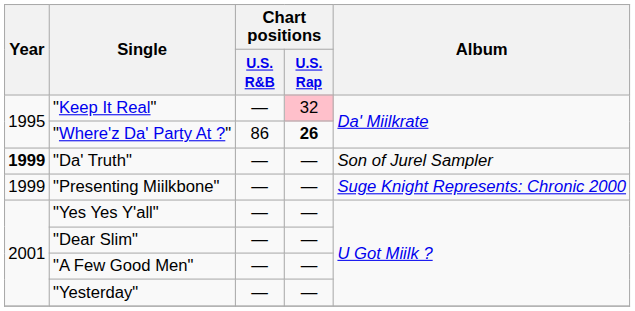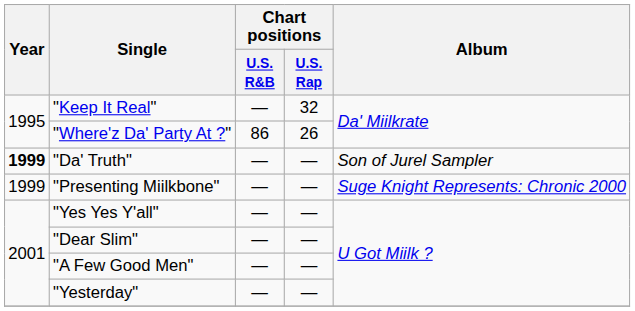 <table class="wikitable">
 <tr>
 <th rowspan="2">Year</th>
 <th rowspan="2">Single</th>
 <th colspan="2">Chart positions</th>
 <th rowspan="2">Album</th>
 </tr>
 <tr>
 <th width="40"><small><a href='#'>U.S. R&B</a></small></th>
 <th width="40"><small><a href='#'>U.S. Rap</a></small></th>
 </tr>
 <tr>
 <td align="center" rowspan="2">1995</td>
 <td>"<a href='#'>Keep It Real</a>"</td>
 <td align="center">—</td>
-<td align="center" style="background: pink;">32</td>
+<td align="center">32</td>
 <td rowspan="2"><em><a href='#'>Da' Miilkrate</a></em></td>
 </tr>
 <tr>
 <td>"<a href='#'>Where'z Da' Party At ?</a>"</td>
 <td align="center">86</td>
-<td align="center"><strong>26</strong></td>
+<td align="center">26</td>
 </tr>
 <tr>
 <td align="center" rowspan="1"><strong>1999</strong></td>
 <td>"Da' Truth"</td>
 <td align="center">—</td>
 <td align="center">—</td>
 <td rowspan="1"><em>Son of Jurel Sampler</em></td>
 </tr>
 <tr>
 <td align="center" rowspan="1">1999</td>
 <td>"Presenting Miilkbone"</td>
 <td align="center">—</td>
 <td align="center">—</td>
 <td rowspan="1"><em><a href='#'>Suge Knight Represents: Chronic 2000</a></em></td>
 </tr>
 <tr>
 <td align="center" rowspan="4">2001</td>
 <td>"Yes Yes Y'all"</td>
 <td align="center">—</td>
 <td align="center">—</td>
 <td rowspan="4"><em><a href='#'>U Got Miilk ?</a></em></td>
 </tr>
 <tr>
 <td>"Dear Slim"</td>
 <td align="center">—</td>
 <td align="center">—</td>
 </tr>
 <tr>
 <td>"A Few Good Men"</td>
 <td align="center">—</td>
 <td align="center">—</td>
 </tr>
 <tr>
 <td>"Yesterday"</td>
 <td align="center">—</td>
 <td align="center">—</td>
 </tr>
 <tr>
 </tr>
 </table>
